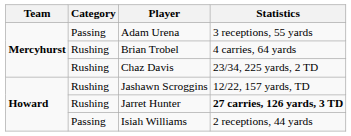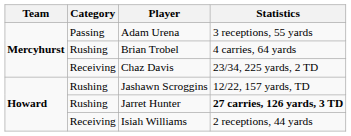 <table class="wikitable" style="float: right;">
 <tr>
 <th>Team</th>
 <th>Category</th>
 <th>Player</th>
 <th>Statistics</th>
 </tr>
 <tr>
 <td rowspan=3><strong>Mercyhurst</strong></td>
 <td>Passing</td>
 <td>Adam Urena</td>
 <td>3 receptions, 55 yards</td>
 </tr>
 <tr>
 <td>Rushing</td>
 <td>Brian Trobel</td>
 <td>4 carries, 64 yards</td>
 </tr>
 <tr>
-<td>Rushing</td>
+<td>Receiving</td>
 <td>Chaz Davis</td>
 <td>23/34, 225 yards, 2 TD</td>
 </tr>
 <tr>
 <td rowspan=3><strong>Howard</strong></td>
 <td>Rushing</td>
 <td>Jashawn Scroggins</td>
 <td>12/22, 157 yards, TD</td>
 </tr>
 <tr>
 <td>Rushing</td>
 <td>Jarret Hunter</td>
 <td><strong>27 carries, 126 yards, 3 TD</strong></td>
 </tr>
 <tr>
-<td>Passing</td>
+<td>Receiving</td>
 <td>Isiah Williams</td>
 <td>2 receptions, 44 yards</td>
 </tr>
 </table>
